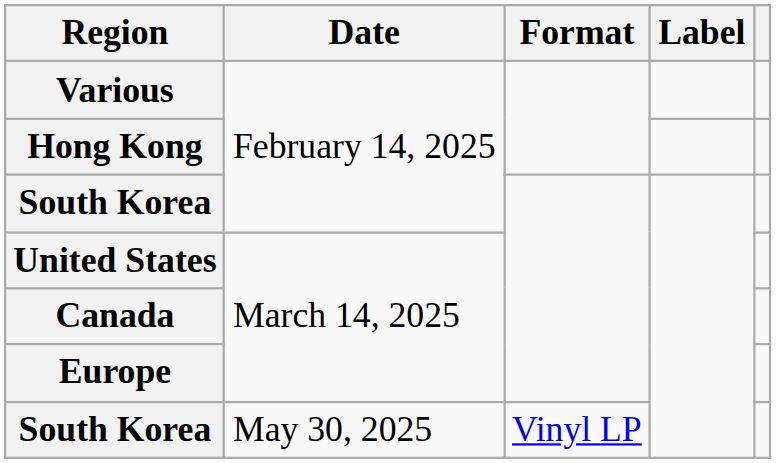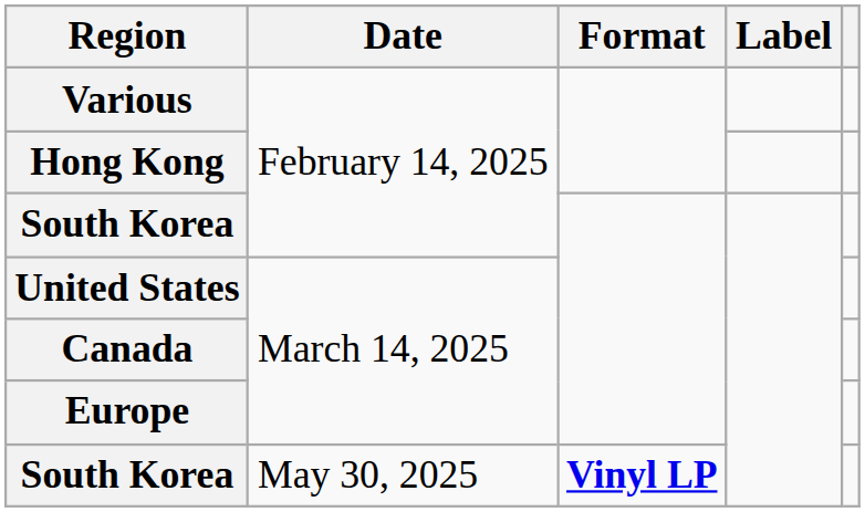 <table class="wikitable plainrowheaders">
 <tr>
 <th scope="col">Region</th>
 <th scope="col">Date</th>
 <th scope="col">Format</th>
 <th scope="col">Label</th>
 <th scope="col"></th>
 </tr>
 <tr>
 <th scope="row">Various</th>
 <td rowspan="3">February 14, 2025</td>
 <td rowspan="2"></td>
 <td></td>
 <td style="text-align:center"></td>
 </tr>
 <tr>
 <th scope="row">Hong Kong</th>
 <td></td>
 <td style="text-align:center"></td>
 </tr>
 <tr>
 <th scope="row">South Korea</th>
 <td rowspan="4"></td>
 <td rowspan="5"></td>
 <td style="text-align:center"></td>
 </tr>
 <tr>
 <th scope="row">United States</th>
 <td rowspan="3">March 14, 2025</td>
 <td style="text-align:center"></td>
 </tr>
 <tr>
 <th scope="row">Canada</th>
 <td style="text-align:center"></td>
 </tr>
 <tr>
 <th scope="row">Europe</th>
 <td style="text-align:center"></td>
 </tr>
 <tr>
 <th scope="row">South Korea</th>
 <td>May 30, 2025</td>
-<td><a href='#'>Vinyl LP</a></td>
+<td><strong><a href='#'>Vinyl LP</a></strong></td>
 <td style="text-align:center"></td>
 </tr>
 </table>
